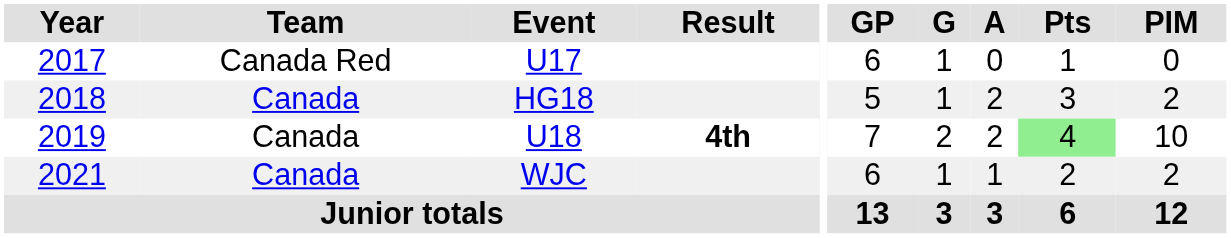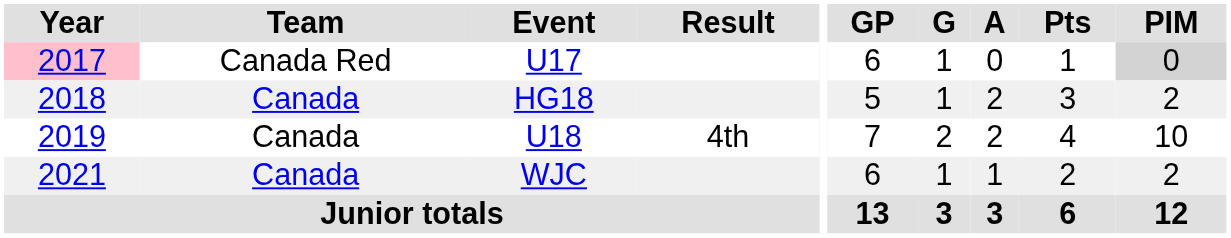 <table border="0" cellpadding="1" cellspacing="0" ID="Table3" style="text-align:center; width:40em">
 <tr bgcolor="#e0e0e0">
 <th>Year</th>
 <th>Team</th>
 <th>Event</th>
 <th>Result</th>
 <th rowspan="99" bgcolor="#ffffff"></th>
 <th>GP</th>
 <th>G</th>
 <th>A</th>
 <th>Pts</th>
 <th>PIM</th>
 </tr>
 <tr>
-<td><a href='#'>2017</a></td>
+<td style="background: pink;"><a href='#'>2017</a></td>
 <td>Canada Red</td>
 <td><a href='#'>U17</a></td>
 <td></td>
 <td>6</td>
 <td>1</td>
 <td>0</td>
 <td>1</td>
-<td>0</td>
+<td style="background: lightgrey;">0</td>
 </tr>
 <tr bgcolor="#f0f0f0">
 <td><a href='#'>2018</a></td>
 <td><a href='#'>Canada</a></td>
 <td><a href='#'>HG18</a></td>
 <td></td>
 <td>5</td>
 <td>1</td>
 <td>2</td>
 <td>3</td>
 <td>2</td>
 </tr>
 <tr>
 <td><a href='#'>2019</a></td>
 <td>Canada</td>
 <td><a href='#'>U18</a></td>
-<td><strong>4th</strong></td>
+<td>4th</td>
 <td>7</td>
 <td>2</td>
 <td>2</td>
-<td style="background: lightgreen;">4</td>
+<td>4</td>
 <td>10</td>
 </tr>
 <tr bgcolor="#f0f0f0">
 <td><a href='#'>2021</a></td>
 <td><a href='#'>Canada</a></td>
 <td><a href='#'>WJC</a></td>
 <td></td>
 <td>6</td>
 <td>1</td>
 <td>1</td>
 <td>2</td>
 <td>2</td>
 </tr>
 <tr bgcolor="#e0e0e0">
 <th colspan="4">Junior totals</th>
 <th>13</th>
 <th>3</th>
 <th>3</th>
 <th>6</th>
 <th>12</th>
 </tr>
 </table>
